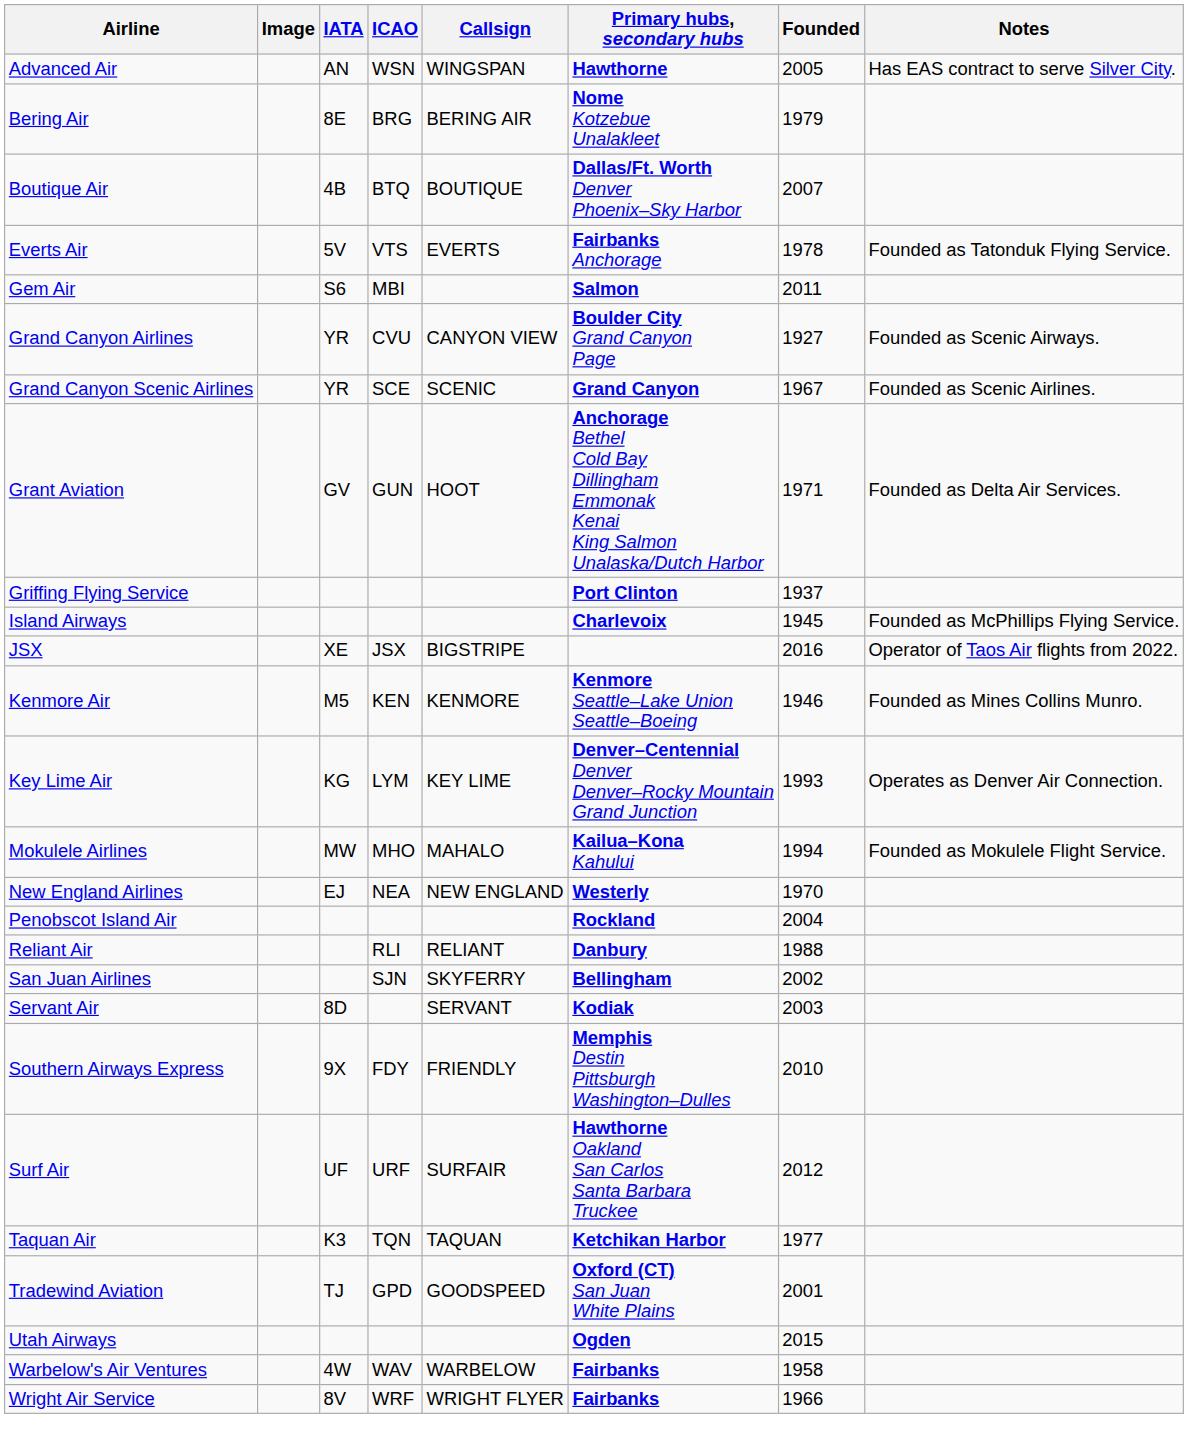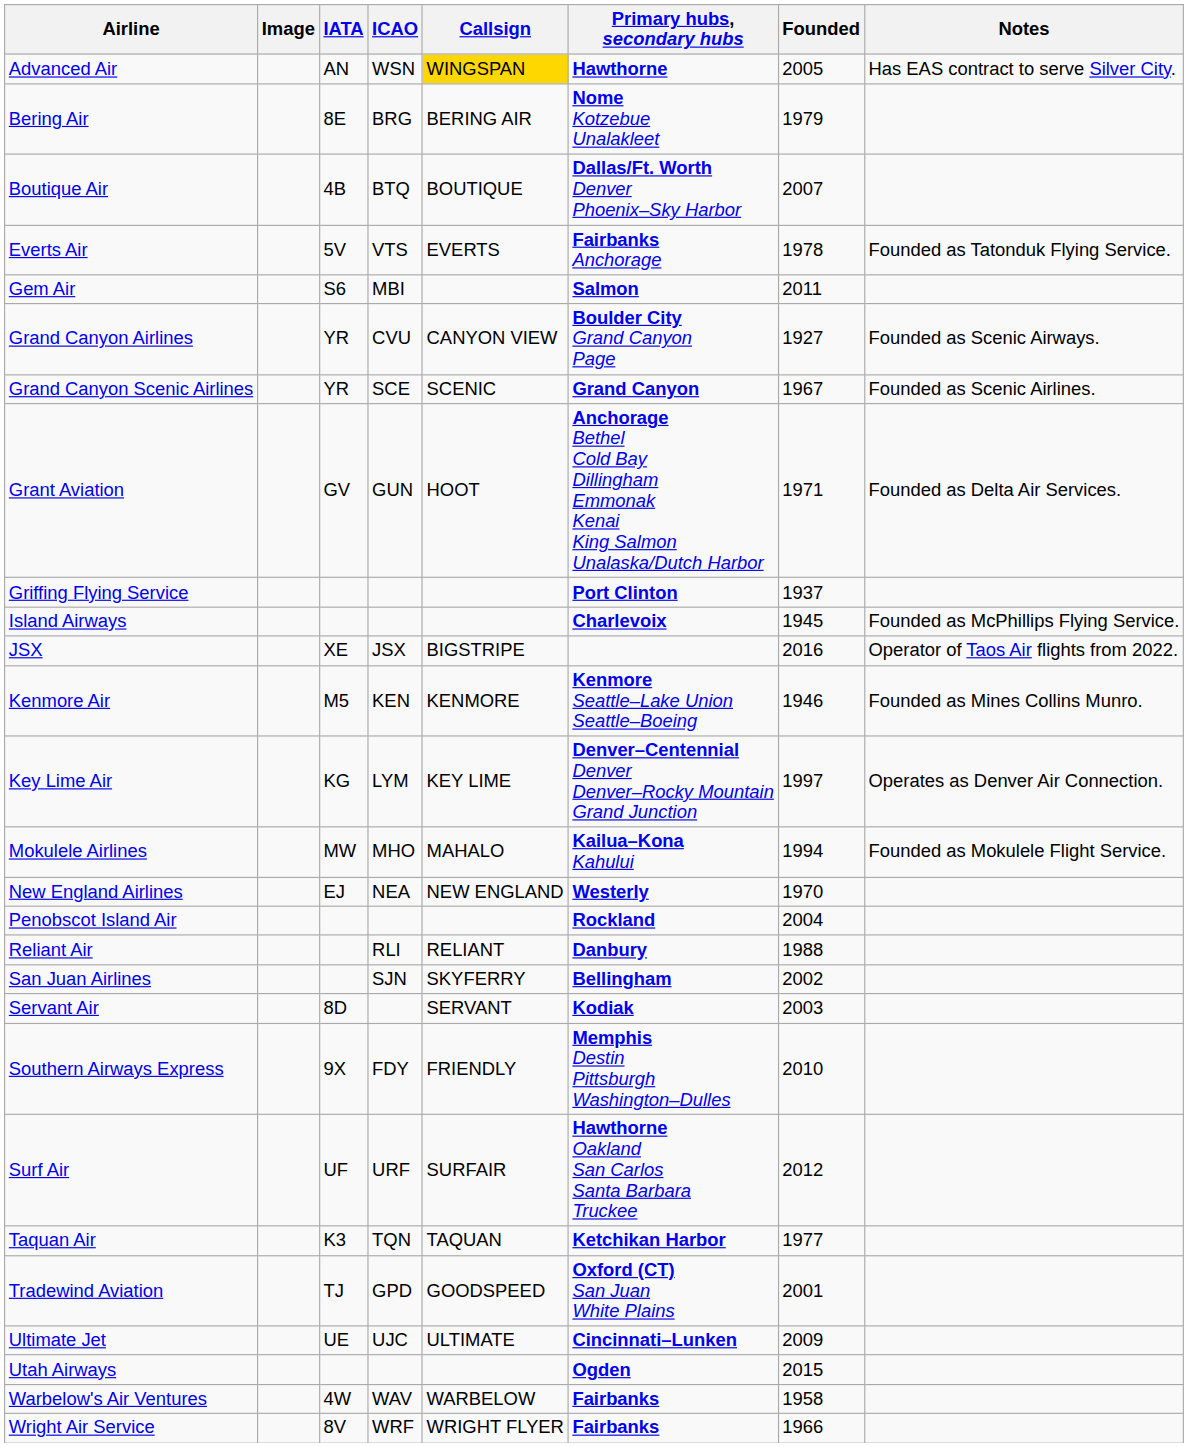 <table class="wikitable sortable" style="border: 0; cellpadding: 2; cellspacing: 3;">
 <tr style="vertical-align:middle;">
 <th>Airline</th>
 <th>Image</th>
 <th><a href='#'>IATA</a></th>
 <th><a href='#'>ICAO</a></th>
 <th><a href='#'>Callsign</a></th>
 <th><a href='#'>Primary hubs</a>, <br> <em><a href='#'>secondary hubs</a></em></th>
 <th>Founded</th>
 <th>Notes</th>
 </tr>
 <tr>
 <td><a href='#'>Advanced Air</a></td>
 <td></td>
 <td>AN</td>
 <td>WSN</td>
-<td>WINGSPAN</td>
+<td style="background: gold;">WINGSPAN</td>
 <td><strong><a href='#'>Hawthorne</a></strong></td>
 <td>2005</td>
 <td>Has EAS contract to serve <a href='#'>Silver City</a>.</td>
 </tr>
 <tr>
 <td><a href='#'>Bering Air</a></td>
 <td></td>
 <td>8E</td>
 <td>BRG</td>
 <td>BERING AIR</td>
 <td><strong><a href='#'>Nome</a></strong><br><em><a href='#'>Kotzebue</a></em><br><em><a href='#'>Unalakleet</a></em></td>
 <td>1979</td>
 <td></td>
 </tr>
 <tr>
 <td><a href='#'>Boutique Air</a></td>
 <td></td>
 <td>4B</td>
 <td>BTQ</td>
 <td>BOUTIQUE</td>
 <td><strong><a href='#'>Dallas/Ft. Worth</a></strong><br><em><a href='#'>Denver</a></em><br><em><a href='#'>Phoenix–Sky Harbor</a></em></td>
 <td>2007</td>
 <td></td>
 </tr>
 <tr>
 <td><a href='#'>Everts Air</a></td>
 <td></td>
 <td>5V</td>
 <td>VTS</td>
 <td>EVERTS</td>
 <td><strong><a href='#'>Fairbanks</a></strong><br><em><a href='#'>Anchorage</a></em></td>
 <td>1978</td>
 <td>Founded as Tatonduk Flying Service.</td>
 </tr>
 <tr>
 <td><a href='#'>Gem Air</a></td>
 <td></td>
 <td>S6</td>
 <td>MBI</td>
 <td></td>
 <td><strong><a href='#'>Salmon</a></strong></td>
 <td>2011</td>
 <td></td>
 </tr>
 <tr>
 <td><a href='#'>Grand Canyon Airlines</a></td>
 <td></td>
 <td>YR</td>
 <td>CVU</td>
 <td>CANYON VIEW</td>
 <td><strong><a href='#'>Boulder City</a></strong><br><em><a href='#'>Grand Canyon</a></em><br><em><a href='#'>Page</a></em></td>
 <td>1927</td>
 <td>Founded as Scenic Airways.</td>
 </tr>
 <tr>
 <td><a href='#'>Grand Canyon Scenic Airlines</a></td>
 <td></td>
 <td>YR</td>
 <td>SCE</td>
 <td>SCENIC</td>
 <td><strong><a href='#'>Grand Canyon</a></strong></td>
 <td>1967</td>
 <td>Founded as Scenic Airlines.</td>
 </tr>
 <tr>
 <td><a href='#'>Grant Aviation</a></td>
 <td></td>
 <td>GV</td>
 <td>GUN</td>
 <td>HOOT</td>
 <td><strong><a href='#'>Anchorage</a></strong><br><em><a href='#'>Bethel</a></em><br><em><a href='#'>Cold Bay</a></em><br><em><a href='#'>Dillingham</a></em><br><em><a href='#'>Emmonak</a></em><br><em><a href='#'>Kenai</a></em><br><em><a href='#'>King Salmon</a></em><br><em><a href='#'>Unalaska/Dutch Harbor</a></em></td>
 <td>1971</td>
 <td>Founded as Delta Air Services.</td>
 </tr>
 <tr>
 <td><a href='#'>Griffing Flying Service</a></td>
 <td></td>
 <td></td>
 <td></td>
 <td></td>
 <td><strong><a href='#'>Port Clinton</a></strong></td>
 <td>1937</td>
 <td></td>
 </tr>
 <tr>
 <td><a href='#'>Island Airways</a></td>
 <td></td>
 <td></td>
 <td></td>
 <td></td>
 <td><strong><a href='#'>Charlevoix</a></strong></td>
 <td>1945</td>
 <td>Founded as McPhillips Flying Service.</td>
 </tr>
 <tr>
 <td><a href='#'>JSX</a></td>
 <td></td>
 <td>XE</td>
 <td>JSX</td>
 <td>BIGSTRIPE</td>
 <td></td>
 <td>2016</td>
 <td>Operator of <a href='#'>Taos Air</a> flights from 2022.</td>
 </tr>
 <tr>
 <td><a href='#'>Kenmore Air</a></td>
 <td></td>
 <td>M5</td>
 <td>KEN</td>
 <td>KENMORE</td>
 <td><strong><a href='#'>Kenmore</a></strong><br><em><a href='#'>Seattle–Lake Union</a></em><br><em><a href='#'>Seattle–Boeing</a></em></td>
 <td>1946</td>
 <td>Founded as Mines Collins Munro.</td>
 </tr>
 <tr>
 <td><a href='#'>Key Lime Air</a></td>
 <td></td>
 <td>KG</td>
 <td>LYM</td>
 <td>KEY LIME</td>
 <td><strong><a href='#'>Denver–Centennial</a></strong><br><em><a href='#'>Denver</a></em><br><em><a href='#'>Denver–Rocky Mountain</a></em><br><em><a href='#'>Grand Junction</a></em></td>
-<td>1993</td>
+<td>1997</td>
 <td>Operates as Denver Air Connection.</td>
 </tr>
 <tr>
 <td><a href='#'>Mokulele Airlines</a></td>
 <td></td>
 <td>MW</td>
 <td>MHO</td>
 <td>MAHALO</td>
 <td><strong><a href='#'>Kailua–Kona</a></strong><br><em><a href='#'>Kahului</a></em></td>
 <td>1994</td>
 <td>Founded as Mokulele Flight Service.</td>
 </tr>
 <tr>
 <td><a href='#'>New England Airlines</a></td>
 <td></td>
 <td>EJ</td>
 <td>NEA</td>
 <td>NEW ENGLAND</td>
 <td><strong><a href='#'>Westerly</a></strong></td>
 <td>1970</td>
 <td></td>
 </tr>
 <tr>
 <td><a href='#'>Penobscot Island Air</a></td>
 <td></td>
 <td></td>
 <td></td>
 <td></td>
 <td><strong><a href='#'>Rockland</a></strong></td>
 <td>2004</td>
 <td></td>
 </tr>
 <tr>
 <td><a href='#'>Reliant Air</a></td>
 <td></td>
 <td></td>
 <td>RLI</td>
 <td>RELIANT</td>
 <td><strong><a href='#'>Danbury</a></strong></td>
 <td>1988</td>
 <td></td>
 </tr>
 <tr>
 <td><a href='#'>San Juan Airlines</a></td>
 <td></td>
 <td></td>
 <td>SJN</td>
 <td>SKYFERRY</td>
 <td><strong><a href='#'>Bellingham</a></strong></td>
 <td>2002</td>
 <td></td>
 </tr>
 <tr>
 <td><a href='#'>Servant Air</a></td>
 <td></td>
 <td>8D</td>
 <td></td>
 <td>SERVANT</td>
 <td><strong><a href='#'>Kodiak</a></strong></td>
 <td>2003</td>
 <td></td>
 </tr>
 <tr>
 <td><a href='#'>Southern Airways Express</a></td>
 <td></td>
 <td>9X</td>
 <td>FDY</td>
 <td>FRIENDLY</td>
 <td><strong><a href='#'>Memphis</a></strong><br><em><a href='#'>Destin</a></em><br><em><a href='#'>Pittsburgh</a></em><br><em><a href='#'>Washington–Dulles</a></em></td>
 <td>2010</td>
 <td></td>
 </tr>
 <tr>
 <td><a href='#'>Surf Air</a></td>
 <td></td>
 <td>UF</td>
 <td>URF</td>
 <td>SURFAIR</td>
 <td><strong><a href='#'>Hawthorne</a></strong><br><em><a href='#'>Oakland</a></em><br><em><a href='#'>San Carlos</a></em><br><em><a href='#'>Santa Barbara</a></em><br><em><a href='#'>Truckee</a></em></td>
 <td>2012</td>
 <td></td>
 </tr>
 <tr>
 <td><a href='#'>Taquan Air</a></td>
 <td></td>
 <td>K3</td>
 <td>TQN</td>
 <td>TAQUAN</td>
 <td><strong><a href='#'>Ketchikan Harbor</a></strong></td>
 <td>1977</td>
 <td></td>
 </tr>
 <tr>
 <td><a href='#'>Tradewind Aviation</a></td>
 <td></td>
 <td>TJ</td>
 <td>GPD</td>
 <td>GOODSPEED</td>
 <td><strong><a href='#'>Oxford (CT)</a></strong><br><em><a href='#'>San Juan</a></em> <br><em><a href='#'>White Plains</a></em></td>
 <td>2001</td>
 <td></td>
 </tr>
 <tr>
+<td><a href='#'>Ultimate Jet</a></td>
+<td></td>
+<td>UE</td>
+<td>UJC</td>
+<td>ULTIMATE</td>
+<td><strong><a href='#'>Cincinnati–Lunken</a></strong></td>
+<td>2009</td>
+<td></td>
+</tr>
+<tr>
 <td><a href='#'>Utah Airways</a></td>
 <td></td>
 <td></td>
 <td></td>
 <td></td>
 <td><strong><a href='#'>Ogden</a></strong></td>
 <td>2015</td>
 <td></td>
 </tr>
 <tr>
 <td><a href='#'>Warbelow's Air Ventures</a></td>
 <td></td>
 <td>4W</td>
 <td>WAV</td>
 <td>WARBELOW</td>
 <td><strong><a href='#'>Fairbanks</a></strong></td>
 <td>1958</td>
 <td></td>
 </tr>
 <tr>
 <td><a href='#'>Wright Air Service</a></td>
 <td></td>
 <td>8V</td>
 <td>WRF</td>
 <td>WRIGHT FLYER</td>
 <td><strong><a href='#'>Fairbanks</a></strong></td>
 <td>1966</td>
 <td></td>
 </tr>
 </table>
